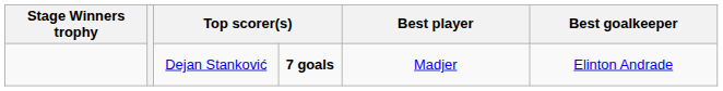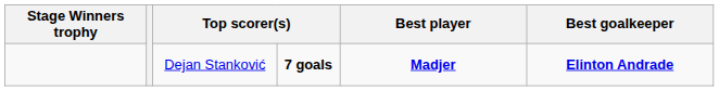 <table class="wikitable" style="text-align: center; font-size: 97%;">
 <tr>
 <th width=150>Stage Winners trophy</th>
 <th rowspan=2></th>
 <th colspan=2 width=200>Top scorer(s)</th>
 <th width=200>Best player</th>
 <th width=200>Best goalkeeper</th>
 </tr>
 <tr align=center style="background:">
 <td style="text-align:center;" height=40></td>
 <td> <a href='#'>Dejan Stanković</a></td>
 <td><strong>7 goals</strong></td>
-<td> <a href='#'>Madjer</a></td>
-<td> <a href='#'>Elinton Andrade</a></td>
+<td><strong> <a href='#'>Madjer</a></strong></td>
+<td><strong> <a href='#'>Elinton Andrade</a></strong></td>
 </tr>
 </table>
